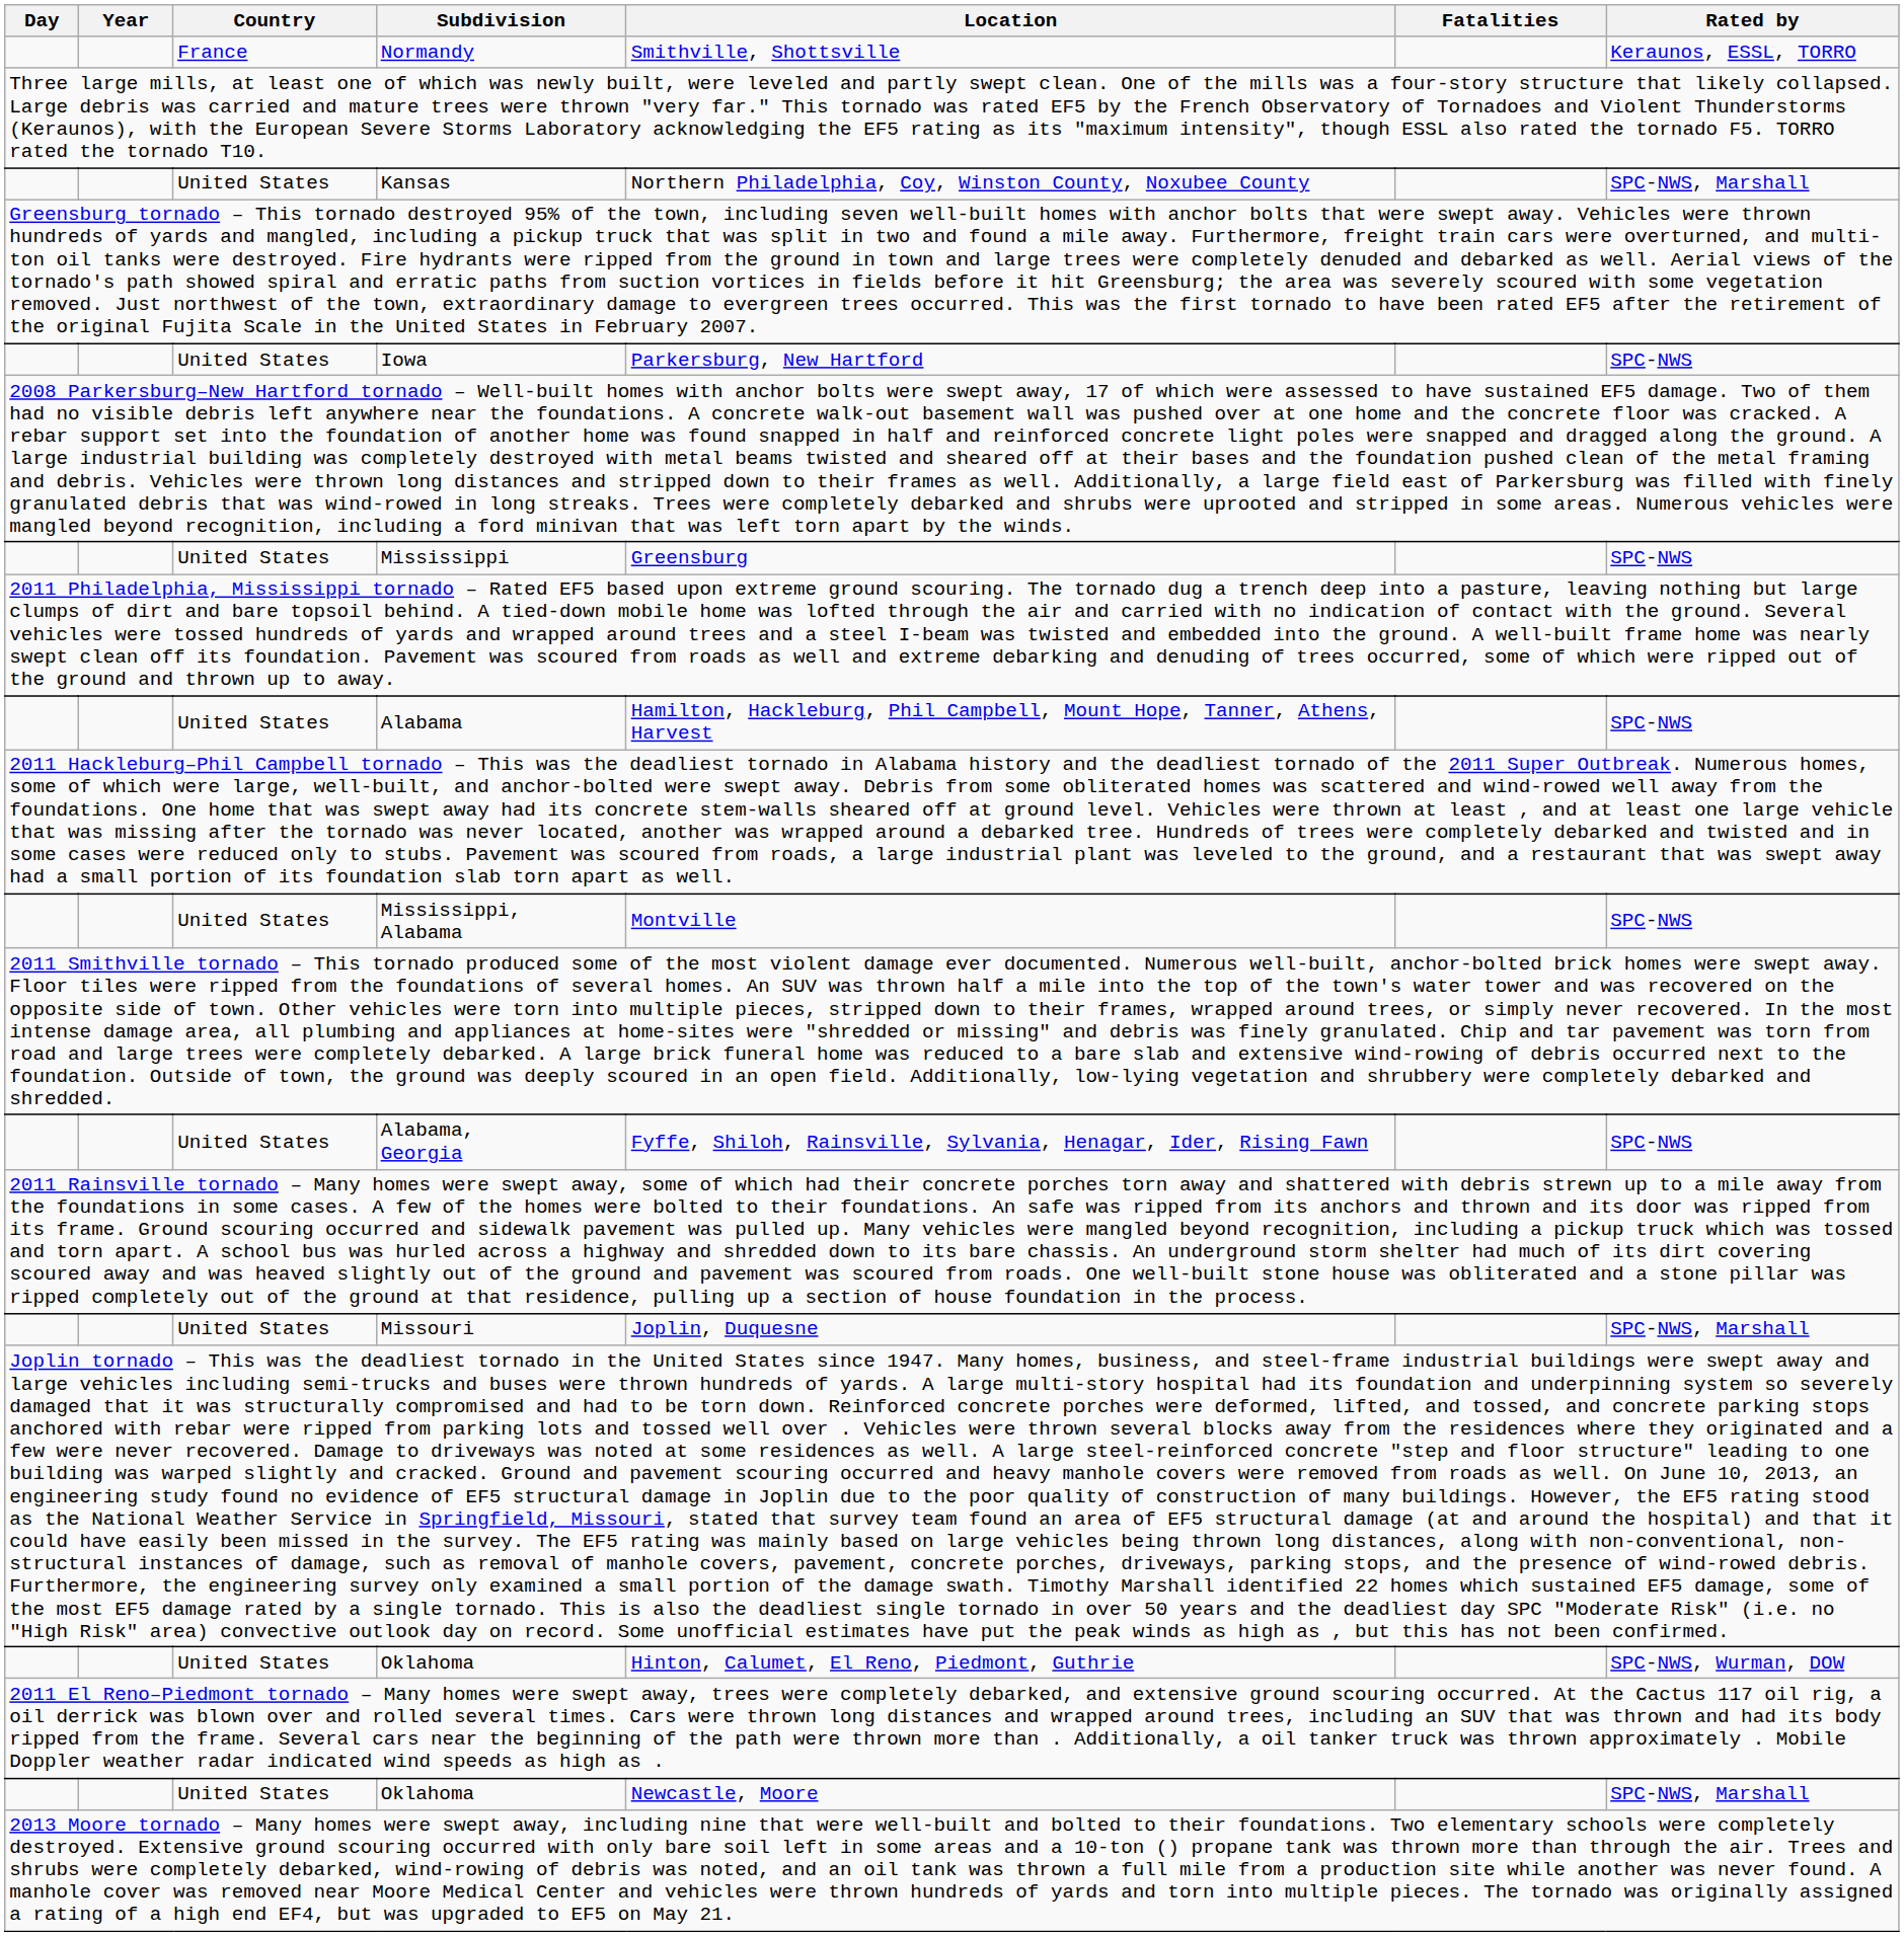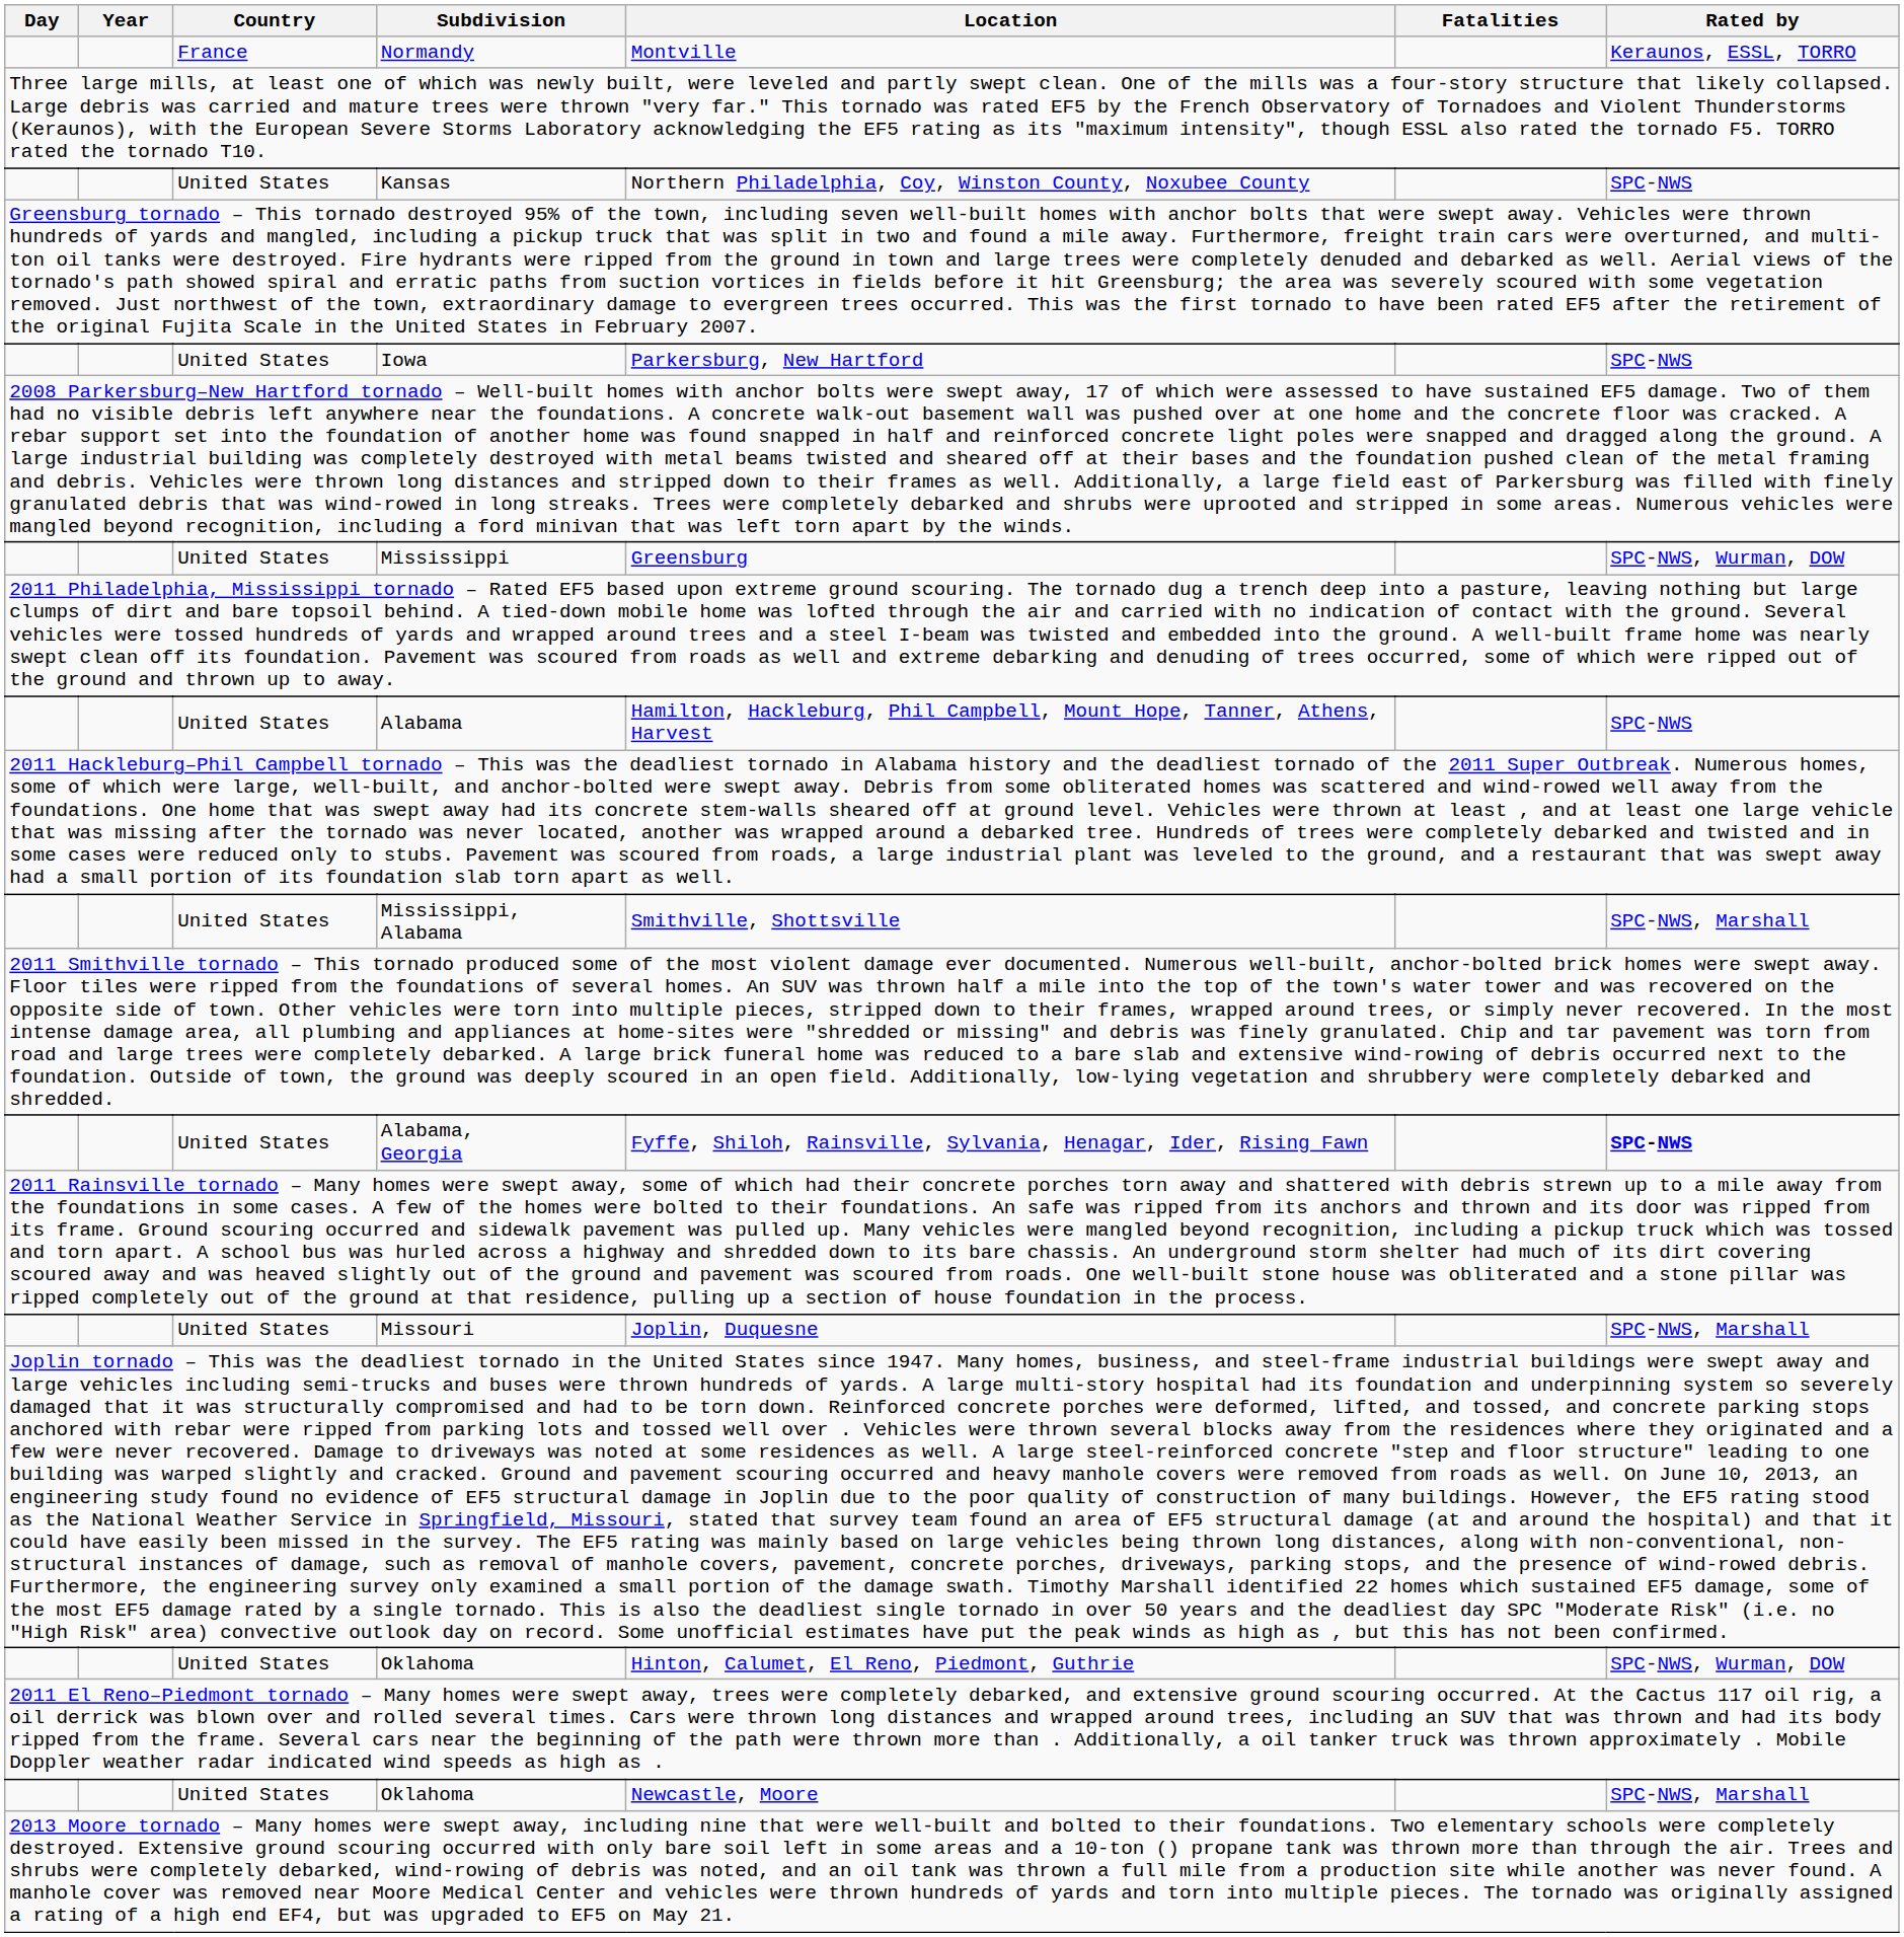 <table class="wikitable sortable" style="width:100%;">
 <tr>
 <th scope="col" align="center" class="unsortable">Day</th>
 <th scope="col" align="center" class="unsortable">Year</th>
 <th scope="col" align="center">Country</th>
 <th scope="col" align="center">Subdivision</th>
 <th scope="col" align="center">Location</th>
 <th scope="col" align="center">Fatalities</th>
 <th scope="col" align="center">Rated by</th>
 </tr>
 <tr>
 <td></td>
 <td></td>
 <td><a href='#'>France</a></td>
 <td><a href='#'>Normandy</a></td>
-<td><a href='#'>Smithville</a>, <a href='#'>Shottsville</a></td>
+<td><a href='#'>Montville</a></td>
 <td></td>
 <td><a href='#'>Keraunos</a>, <a href='#'>ESSL</a>, <a href='#'>TORRO</a></td>
 </tr>
 <tr class="expand-child">
 <td colspan="7" style=" border-bottom: 1px solid black;">Three large mills, at least one of which was newly built, were leveled and partly swept clean. One of the mills was a four-story structure that likely collapsed. Large debris was carried  and mature trees were thrown "very far." This tornado was rated EF5 by the French Observatory of Tornadoes and Violent Thunderstorms (Keraunos), with the European Severe Storms Laboratory acknowledging the EF5 rating as its "maximum intensity", though ESSL also rated the tornado F5. TORRO rated the tornado T10.</td>
 </tr>
 <tr>
 <td></td>
 <td></td>
 <td>United States</td>
 <td>Kansas</td>
 <td>Northern <a href='#'>Philadelphia</a>, <a href='#'>Coy</a>, <a href='#'>Winston County</a>, <a href='#'>Noxubee County</a></td>
 <td></td>
-<td><a href='#'>SPC</a>-<a href='#'>NWS</a>, <a href='#'>Marshall</a></td>
+<td><a href='#'>SPC</a>-<a href='#'>NWS</a></td>
 </tr>
 <tr class="expand-child">
 <td colspan="7" style=" border-bottom: 1px solid black;"><a href='#'>Greensburg tornado</a> – This tornado destroyed 95% of the town, including seven well-built homes with anchor bolts that were swept away. Vehicles were thrown hundreds of yards and mangled, including a pickup truck that was split in two and found a mile away. Furthermore, freight train cars were overturned, and multi-ton oil tanks were destroyed. Fire hydrants were ripped from the ground in town and large trees were completely denuded and debarked as well. Aerial views of the tornado's path showed spiral and erratic paths from suction vortices in fields before it hit Greensburg; the area was severely scoured with some vegetation removed. Just northwest of the town, extraordinary damage to evergreen trees occurred. This was the first tornado to have been rated EF5 after the retirement of the original Fujita Scale in the United States in February 2007.</td>
 </tr>
 <tr>
 <td></td>
 <td></td>
 <td>United States</td>
 <td>Iowa</td>
 <td><a href='#'>Parkersburg</a>, <a href='#'>New Hartford</a></td>
 <td></td>
 <td><a href='#'>SPC</a>-<a href='#'>NWS</a></td>
 </tr>
 <tr class="expand-child">
 <td colspan="7" style=" border-bottom: 1px solid black;"><a href='#'>2008 Parkersburg–New Hartford tornado</a> – Well-built homes with anchor bolts were swept away, 17 of which were assessed to have sustained EF5 damage. Two of them had no visible debris left anywhere near the foundations. A concrete walk-out basement wall was pushed over at one home and the concrete floor was cracked. A rebar support set into the foundation of another home was found snapped in half and reinforced concrete light poles were snapped and dragged along the ground. A large industrial building was completely destroyed with metal beams twisted and sheared off at their bases and the foundation pushed clean of the metal framing and debris. Vehicles were thrown long distances and stripped down to their frames as well. Additionally, a large field east of Parkersburg was filled with finely granulated debris that was wind-rowed in long streaks. Trees were completely debarked and shrubs were uprooted and stripped in some areas. Numerous vehicles were mangled beyond recognition, including a ford minivan that was left torn apart by the winds.</td>
 </tr>
 <tr id="2010">
 <td></td>
 <td></td>
 <td>United States</td>
 <td>Mississippi</td>
 <td><a href='#'>Greensburg</a></td>
 <td></td>
-<td><a href='#'>SPC</a>-<a href='#'>NWS</a></td>
+<td><a href='#'>SPC</a>-<a href='#'>NWS</a>, <a href='#'>Wurman</a>, <a href='#'>DOW</a></td>
 </tr>
 <tr class="expand-child">
 <td colspan="7" style=" border-bottom: 1px solid black;"><a href='#'>2011 Philadelphia, Mississippi tornado</a> – Rated EF5 based upon extreme ground scouring. The tornado dug a trench  deep into a pasture, leaving nothing but large clumps of dirt and bare topsoil behind. A tied-down mobile home was lofted through the air and carried  with no indication of contact with the ground. Several vehicles were tossed hundreds of yards and wrapped around trees and a steel I-beam was twisted and embedded into the ground. A well-built frame home was nearly swept clean off its foundation. Pavement was scoured from roads as well and extreme debarking and denuding of trees occurred, some of which were ripped out of the ground and thrown up to  away.</td>
 </tr>
 <tr>
 <td></td>
 <td></td>
 <td>United States</td>
 <td>Alabama</td>
 <td><a href='#'>Hamilton</a>, <a href='#'>Hackleburg</a>, <a href='#'>Phil Campbell</a>, <a href='#'>Mount Hope</a>, <a href='#'>Tanner</a>, <a href='#'>Athens</a>, <a href='#'>Harvest</a></td>
 <td></td>
 <td><a href='#'>SPC</a>-<a href='#'>NWS</a></td>
 </tr>
 <tr class="expand-child">
 <td colspan="7" style=" border-bottom: 1px solid black;"><a href='#'>2011 Hackleburg–Phil Campbell tornado</a> – This was the deadliest tornado in Alabama history and the deadliest tornado of the <a href='#'>2011 Super Outbreak</a>. Numerous homes, some of which were large, well-built, and anchor-bolted were swept away. Debris from some obliterated homes was scattered and wind-rowed well away from the foundations. One home that was swept away had its concrete stem-walls sheared off at ground level. Vehicles were thrown at least , and at least one large vehicle that was missing after the tornado was never located, another was wrapped around a debarked tree. Hundreds of trees were completely debarked and twisted and in some cases were reduced only to stubs. Pavement was scoured from roads, a large industrial plant was leveled to the ground, and a restaurant that was swept away had a small portion of its foundation slab torn apart as well.</td>
 </tr>
 <tr>
 <td></td>
 <td></td>
 <td>United States</td>
 <td>Mississippi,<br>Alabama</td>
-<td><a href='#'>Montville</a></td>
+<td><a href='#'>Smithville</a>, <a href='#'>Shottsville</a></td>
 <td></td>
-<td><a href='#'>SPC</a>-<a href='#'>NWS</a></td>
+<td><a href='#'>SPC</a>-<a href='#'>NWS</a>, <a href='#'>Marshall</a></td>
 </tr>
 <tr class="expand-child">
 <td colspan="7" style=" border-bottom: 1px solid black;"><a href='#'>2011 Smithville tornado</a> – This tornado produced some of the most violent damage ever documented. Numerous well-built, anchor-bolted brick homes were swept away. Floor tiles were ripped from the foundations of several homes. An SUV was thrown half a mile into the top of the town's water tower and was recovered on the opposite side of town. Other vehicles were torn into multiple pieces, stripped down to their frames, wrapped around trees, or simply never recovered. In the most intense damage area, all plumbing and appliances at home-sites were "shredded or missing" and debris was finely granulated. Chip and tar pavement was torn from road and large trees were completely debarked. A large brick funeral home was reduced to a bare slab and extensive wind-rowing of debris occurred next to the foundation. Outside of town, the ground was deeply scoured in an open field. Additionally, low-lying vegetation and shrubbery were completely debarked and shredded.</td>
 </tr>
 <tr>
 <td></td>
 <td></td>
 <td>United States</td>
 <td>Alabama,<br><a href='#'>Georgia</a></td>
 <td><a href='#'>Fyffe</a>, <a href='#'>Shiloh</a>, <a href='#'>Rainsville</a>, <a href='#'>Sylvania</a>, <a href='#'>Henagar</a>, <a href='#'>Ider</a>, <a href='#'>Rising Fawn</a></td>
 <td></td>
-<td><a href='#'>SPC</a>-<a href='#'>NWS</a></td>
+<td><strong><a href='#'>SPC</a>-<a href='#'>NWS</a></strong></td>
 </tr>
 <tr class="expand-child">
 <td colspan="7" style=" border-bottom: 1px solid black;"><a href='#'>2011 Rainsville tornado</a> – Many homes were swept away, some of which had their concrete porches torn away and shattered with debris strewn up to a mile away from the foundations in some cases. A few of the homes were bolted to their foundations. An  safe was ripped from its anchors and thrown  and its door was ripped from its frame. Ground scouring occurred and sidewalk pavement was pulled up. Many vehicles were mangled beyond recognition, including a pickup truck which was tossed  and torn apart. A school bus was hurled across a highway and shredded down to its bare chassis. An underground storm shelter had much of its dirt covering scoured away and was heaved slightly out of the ground and pavement was scoured from roads. One well-built stone house was obliterated and a stone pillar was ripped completely out of the ground at that residence, pulling up a section of house foundation in the process.</td>
 </tr>
 <tr>
 <td></td>
 <td></td>
 <td>United States</td>
 <td>Missouri</td>
 <td><a href='#'>Joplin</a>, <a href='#'>Duquesne</a></td>
 <td></td>
 <td><a href='#'>SPC</a>-<a href='#'>NWS</a>, <a href='#'>Marshall</a></td>
 </tr>
 <tr class="expand-child">
 <td colspan="7" style=" border-bottom: 1px solid black;"><a href='#'>Joplin tornado</a> – This was the deadliest tornado in the United States since 1947. Many homes, business, and steel-frame industrial buildings were swept away and large vehicles including semi-trucks and buses were thrown hundreds of yards. A large multi-story hospital had its foundation and underpinning system so severely damaged that it was structurally compromised and had to be torn down. Reinforced concrete porches were deformed, lifted, and tossed, and  concrete parking stops anchored with rebar were ripped from parking lots and tossed well over . Vehicles were thrown several blocks away from the residences where they originated and a few were never recovered. Damage to driveways was noted at some residences as well. A large steel-reinforced concrete "step and floor structure" leading to one building was warped slightly and cracked. Ground and pavement scouring occurred and heavy manhole covers were removed from roads as well. On June 10, 2013, an engineering study found no evidence of EF5 structural damage in Joplin due to the poor quality of construction of many buildings. However, the EF5 rating stood as the National Weather Service in <a href='#'>Springfield, Missouri</a>, stated that survey team found an area of EF5 structural damage (at and around the hospital) and that it could have easily been missed in the survey. The EF5 rating was mainly based on large vehicles being thrown long distances, along with non-conventional, non-structural instances of damage, such as removal of manhole covers, pavement, concrete porches, driveways, parking stops, and the presence of wind-rowed debris. Furthermore, the engineering survey only examined a small portion of the damage swath. Timothy Marshall identified 22 homes which sustained EF5 damage, some of the most EF5 damage rated by a single tornado. This is also the deadliest single tornado in over 50 years and the deadliest day SPC "Moderate Risk" (i.e. no "High Risk" area) convective outlook day on record. Some unofficial estimates have put the peak winds as high as , but this has not been confirmed.</td>
 </tr>
 <tr>
 <td></td>
 <td></td>
 <td>United States</td>
 <td>Oklahoma</td>
 <td><a href='#'>Hinton</a>, <a href='#'>Calumet</a>, <a href='#'>El Reno</a>, <a href='#'>Piedmont</a>, <a href='#'>Guthrie</a></td>
 <td></td>
 <td><a href='#'>SPC</a>-<a href='#'>NWS</a>, <a href='#'>Wurman</a>, <a href='#'>DOW</a></td>
 </tr>
 <tr class="expand-child">
 <td colspan="7" style=" border-bottom: 1px solid black;"><a href='#'>2011 El Reno–Piedmont tornado</a> – Many homes were swept away, trees were completely debarked, and extensive ground scouring occurred. At the Cactus 117 oil rig, a  oil derrick was blown over and rolled several times. Cars were thrown long distances and wrapped around trees, including an SUV that was thrown  and had its body ripped from the frame. Several cars near the beginning of the path were thrown more than . Additionally, a  oil tanker truck was thrown approximately . Mobile Doppler weather radar indicated wind speeds as high as .</td>
 </tr>
 <tr>
 <td></td>
 <td></td>
 <td>United States</td>
 <td>Oklahoma</td>
 <td><a href='#'>Newcastle</a>, <a href='#'>Moore</a></td>
 <td></td>
 <td><a href='#'>SPC</a>-<a href='#'>NWS</a>, <a href='#'>Marshall</a></td>
 </tr>
 <tr class="expand-child">
 <td colspan="7" style=" border-bottom: 1px solid black;"><a href='#'>2013 Moore tornado</a> – Many homes were swept away, including nine that were well-built and bolted to their foundations. Two elementary schools were completely destroyed. Extensive ground scouring occurred with only bare soil left in some areas and a 10-ton ()  propane tank was thrown more than  through the air. Trees and shrubs were completely debarked, wind-rowing of debris was noted, and an oil tank was thrown a full mile from a production site while another was never found. A manhole cover was removed near Moore Medical Center and vehicles were thrown hundreds of yards and torn into multiple pieces. The tornado was originally assigned a rating of a high end EF4, but was upgraded to EF5 on May 21.</td>
 </tr>
 </table>
